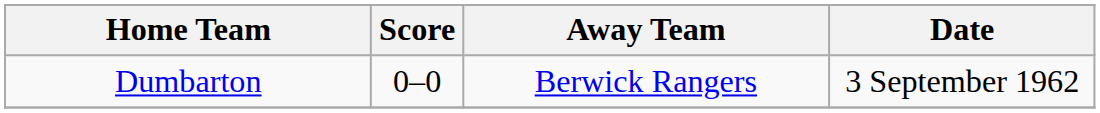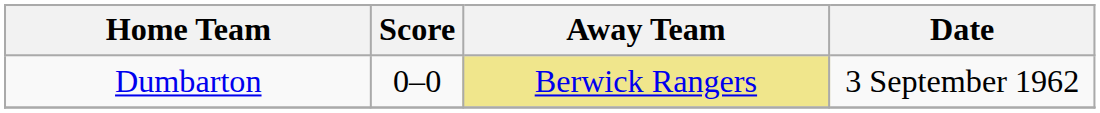 <table class="wikitable" style="text-align:center;">
 <tr>
 <th width=175>Home Team</th>
 <th width=20>Score</th>
 <th width=175>Away Team</th>
 <th width= 125>Date</th>
 </tr>
 <tr>
 <td><a href='#'>Dumbarton</a></td>
 <td>0–0</td>
-<td><a href='#'>Berwick Rangers</a></td>
+<td style="background: khaki;"><a href='#'>Berwick Rangers</a></td>
 <td>3 September 1962</td>
 </tr>
 <tr>
 </tr>
 </table>
